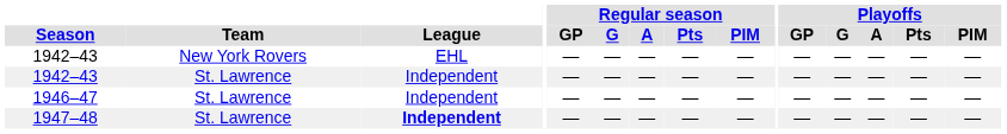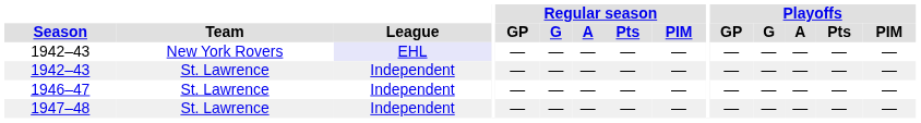 <table border="0" cellpadding="1" cellspacing="0" style="text-align:center; width:60em">
 <tr bgcolor="#e0e0e0">
 <th colspan="3" bgcolor="#ffffff"></th>
 <th rowspan="100" bgcolor="#ffffff"></th>
 <th colspan="5"><a href='#'>Regular season</a></th>
 <th rowspan="100" bgcolor="#ffffff"></th>
 <th colspan="5"><a href='#'>Playoffs</a></th>
 </tr>
 <tr bgcolor="#e0e0e0">
 <th><a href='#'>Season</a></th>
 <th>Team</th>
 <th>League</th>
 <th>GP</th>
 <th><a href='#'>G</a></th>
 <th><a href='#'>A</a></th>
 <th><a href='#'>Pts</a></th>
 <th><a href='#'>PIM</a></th>
 <th>GP</th>
 <th>G</th>
 <th>A</th>
 <th>Pts</th>
 <th>PIM</th>
 </tr>
 <tr>
 <td>1942–43</td>
 <td><a href='#'>New York Rovers</a></td>
-<td><a href='#'>EHL</a></td>
+<td style="background: lavender;"><a href='#'>EHL</a></td>
 <td>—</td>
 <td>—</td>
 <td>—</td>
 <td>—</td>
 <td>—</td>
 <td>—</td>
 <td>—</td>
 <td>—</td>
 <td>—</td>
 <td>—</td>
 </tr>
 <tr bgcolor="f0f0f0">
 <td><a href='#'>1942–43</a></td>
 <td><a href='#'>St. Lawrence</a></td>
 <td><a href='#'>Independent</a></td>
 <td>—</td>
 <td>—</td>
 <td>—</td>
 <td>—</td>
 <td>—</td>
 <td>—</td>
 <td>—</td>
 <td>—</td>
 <td>—</td>
 <td>—</td>
 </tr>
 <tr>
 <td><a href='#'>1946–47</a></td>
 <td><a href='#'>St. Lawrence</a></td>
 <td><a href='#'>Independent</a></td>
 <td>—</td>
 <td>—</td>
 <td>—</td>
 <td>—</td>
 <td>—</td>
 <td>—</td>
 <td>—</td>
 <td>—</td>
 <td>—</td>
 <td>—</td>
 </tr>
 <tr bgcolor="f0f0f0">
 <td><a href='#'>1947–48</a></td>
 <td><a href='#'>St. Lawrence</a></td>
-<td><strong><a href='#'>Independent</a></strong></td>
+<td><a href='#'>Independent</a></td>
 <td>—</td>
 <td>—</td>
 <td>—</td>
 <td>—</td>
 <td>—</td>
 <td>—</td>
 <td>—</td>
 <td>—</td>
 <td>—</td>
 <td>—</td>
 </tr>
 </table>
